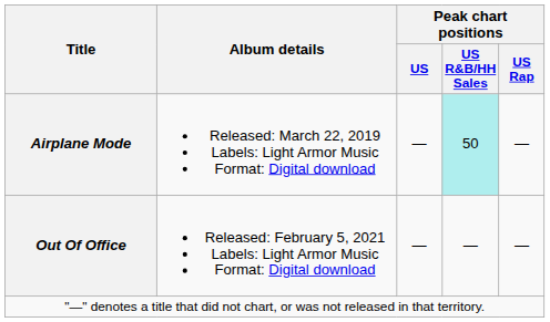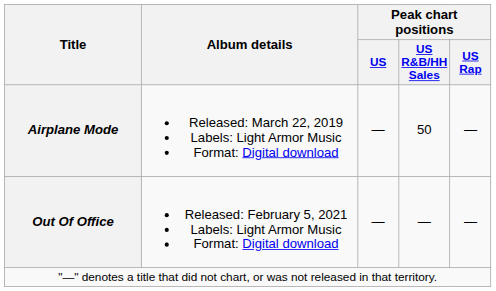 <table class="wikitable plainrowheaders" style="text-align: center;">
 <tr>
 <th scope="col" rowspan="2" style="width:10em;">Title</th>
 <th scope="col" rowspan="2" style="width:16em;">Album details</th>
 <th scope="col" colspan="3">Peak chart positions</th>
 </tr>
 <tr>
 <th scope="col" style="width:3em;font-size:90%;"><a href='#'>US</a><br></th>
 <th scope="col" style="width:3em;font-size:90%;"><a href='#'>US R&B/HH Sales</a><br></th>
 <th scope="col" style="width:3em;font-size:90%;"><a href='#'>US Rap</a><br></th>
 </tr>
 <tr>
 <th scope="row"><em>Airplane Mode</em></th>
 <td><br><ul><li>Released: March 22, 2019</li><li>Labels: Light Armor Music</li><li>Format: <a href='#'>Digital download</a></li></ul></td>
 <td>—</td>
-<td style="background: paleturquoise;">50</td>
+<td>50</td>
 <td>—</td>
 </tr>
 <tr>
 <th scope="row"><em>Out Of Office</em></th>
 <td><br><ul><li>Released: February 5, 2021</li><li>Labels: Light Armor Music</li><li>Format: <a href='#'>Digital download</a></li></ul></td>
 <td>—</td>
 <td>—</td>
 <td>—</td>
 </tr>
 <tr>
 <td colspan="14" style="font-size:90%">"—" denotes a title that did not chart, or was not released in that territory.</td>
 </tr>
 </table>
